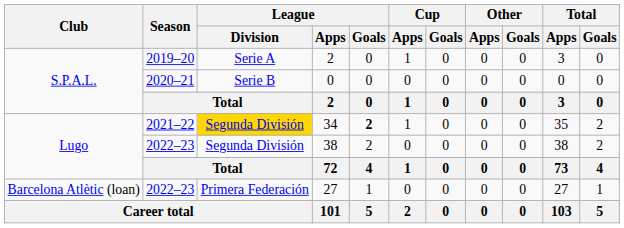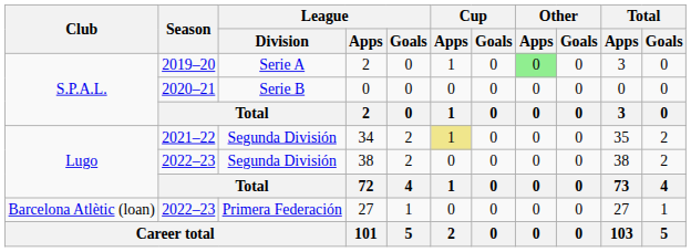 <table class="wikitable" style="text-align: center">
 <tr>
 <th rowspan="2">Club</th>
 <th rowspan="2">Season</th>
 <th colspan="3">League</th>
 <th colspan="2">Cup</th>
 <th colspan="2">Other</th>
 <th colspan="2">Total</th>
 </tr>
 <tr>
 <th>Division</th>
 <th>Apps</th>
 <th>Goals</th>
 <th>Apps</th>
 <th>Goals</th>
 <th>Apps</th>
 <th>Goals</th>
 <th>Apps</th>
 <th>Goals</th>
 </tr>
 <tr>
 <td rowspan="3"><a href='#'>S.P.A.L.</a></td>
 <td><a href='#'>2019–20</a></td>
 <td><a href='#'>Serie A</a></td>
 <td>2</td>
 <td>0</td>
 <td>1</td>
 <td>0</td>
-<td>0</td>
+<td style="background: lightgreen;">0</td>
 <td>0</td>
 <td>3</td>
 <td>0</td>
 </tr>
 <tr>
 <td><a href='#'>2020–21</a></td>
 <td><a href='#'>Serie B</a></td>
 <td>0</td>
 <td>0</td>
 <td>0</td>
 <td>0</td>
 <td>0</td>
 <td>0</td>
 <td>0</td>
 <td>0</td>
 </tr>
 <tr>
 <th colspan="2">Total</th>
 <th>2</th>
 <th>0</th>
 <th>1</th>
 <th>0</th>
 <th>0</th>
 <th>0</th>
 <th>3</th>
 <th>0</th>
 </tr>
 <tr>
 <td rowspan="3"><a href='#'>Lugo</a></td>
 <td><a href='#'>2021–22</a></td>
-<td style="background: gold;"><a href='#'>Segunda División</a></td>
+<td><a href='#'>Segunda División</a></td>
 <td>34</td>
-<td><strong>2</strong></td>
-<td>1</td>
+<td>2</td>
+<td style="background: khaki;">1</td>
 <td>0</td>
 <td>0</td>
 <td>0</td>
 <td>35</td>
 <td>2</td>
 </tr>
 <tr>
 <td><a href='#'>2022–23</a></td>
 <td><a href='#'>Segunda División</a></td>
 <td>38</td>
 <td>2</td>
 <td>0</td>
 <td>0</td>
 <td>0</td>
 <td>0</td>
 <td>38</td>
 <td>2</td>
 </tr>
 <tr>
 <th colspan="2">Total</th>
 <th>72</th>
 <th>4</th>
 <th>1</th>
 <th>0</th>
 <th>0</th>
 <th>0</th>
 <th>73</th>
 <th>4</th>
 </tr>
 <tr>
 <td><a href='#'>Barcelona Atlètic</a> (loan)</td>
 <td><a href='#'>2022–23</a></td>
 <td><a href='#'>Primera Federación</a></td>
 <td>27</td>
 <td>1</td>
 <td>0</td>
 <td>0</td>
 <td>0</td>
 <td>0</td>
 <td>27</td>
 <td>1</td>
 </tr>
 <tr>
 <th colspan="3">Career total</th>
 <th>101</th>
 <th>5</th>
 <th>2</th>
 <th>0</th>
 <th>0</th>
 <th>0</th>
 <th>103</th>
 <th>5</th>
 </tr>
 </table>
